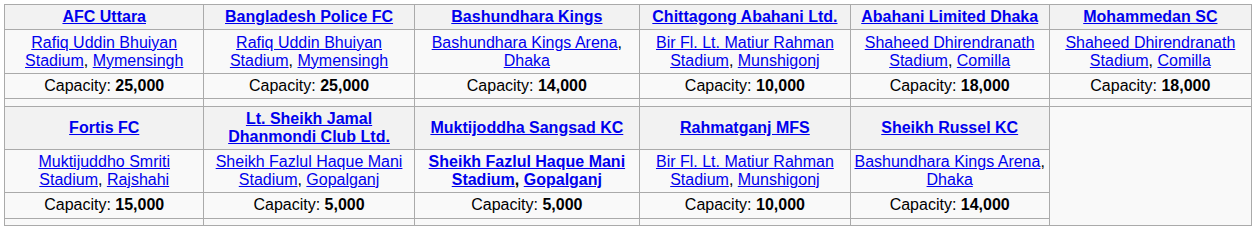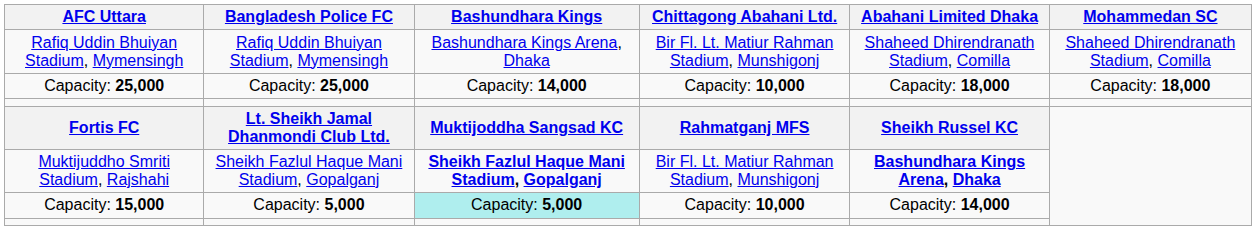 <table class="wikitable" style="text-align:center; font-size:100%;">
 <tr>
 <th><a href='#'>AFC Uttara</a></th>
 <th><a href='#'>Bangladesh Police FC</a></th>
 <th><a href='#'>Bashundhara Kings</a></th>
 <th><a href='#'>Chittagong Abahani Ltd.</a></th>
 <th><a href='#'>Abahani Limited Dhaka</a></th>
 <th><a href='#'>Mohammedan SC</a></th>
 </tr>
 <tr>
 <td><a href='#'>Rafiq Uddin Bhuiyan Stadium</a>, <a href='#'>Mymensingh</a></td>
 <td><a href='#'>Rafiq Uddin Bhuiyan Stadium</a>, <a href='#'>Mymensingh</a></td>
 <td><a href='#'>Bashundhara Kings Arena</a>, <a href='#'>Dhaka</a></td>
 <td><a href='#'>Bir Fl. Lt. Matiur Rahman Stadium</a>, <a href='#'>Munshigonj</a></td>
 <td><a href='#'>Shaheed Dhirendranath Stadium</a>, <a href='#'>Comilla</a></td>
 <td><a href='#'>Shaheed Dhirendranath Stadium</a>, <a href='#'>Comilla</a></td>
 </tr>
 <tr>
 <td>Capacity: <strong>25,000</strong></td>
 <td>Capacity: <strong>25,000</strong></td>
 <td>Capacity: <strong>14,000</strong></td>
 <td>Capacity: <strong>10,000</strong></td>
 <td>Capacity: <strong>18,000</strong></td>
 <td>Capacity: <strong>18,000</strong></td>
 </tr>
 <tr>
 <td></td>
 <td></td>
 <td></td>
 <td></td>
 <td></td>
 <td></td>
 </tr>
 <tr>
 <th><a href='#'>Fortis FC</a></th>
 <th><a href='#'>Lt. Sheikh Jamal Dhanmondi Club Ltd.</a></th>
 <th><a href='#'>Muktijoddha Sangsad KC</a></th>
 <th><a href='#'>Rahmatganj MFS</a></th>
 <th><a href='#'>Sheikh Russel KC</a></th>
 </tr>
 <tr>
 <td><a href='#'>Muktijuddho Smriti Stadium</a>, <a href='#'>Rajshahi</a></td>
 <td><a href='#'>Sheikh Fazlul Haque Mani Stadium</a>, <a href='#'>Gopalganj</a></td>
 <td><strong><a href='#'>Sheikh Fazlul Haque Mani Stadium</a>, <a href='#'>Gopalganj</a></strong></td>
 <td><a href='#'>Bir Fl. Lt. Matiur Rahman Stadium</a>, <a href='#'>Munshigonj</a></td>
-<td><a href='#'>Bashundhara Kings Arena</a>, <a href='#'>Dhaka</a></td>
+<td><strong><a href='#'>Bashundhara Kings Arena</a>, <a href='#'>Dhaka</a></strong></td>
 </tr>
 <tr>
 <td>Capacity: <strong>15,000</strong></td>
 <td>Capacity: <strong>5,000</strong></td>
-<td>Capacity: <strong>5,000</strong></td>
+<td style="background: paleturquoise;">Capacity: <strong>5,000</strong></td>
 <td>Capacity: <strong>10,000</strong></td>
 <td>Capacity: <strong>14,000</strong></td>
 </tr>
 <tr>
 <td></td>
 <td></td>
 <td></td>
 <td></td>
 <td></td>
 </tr>
 </table>
